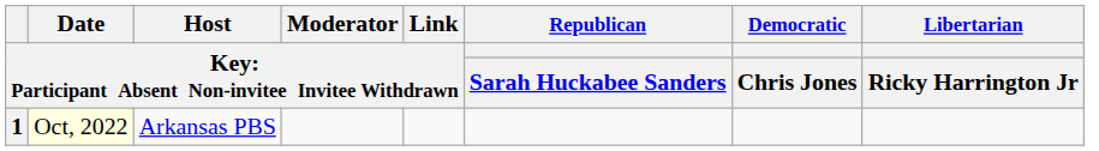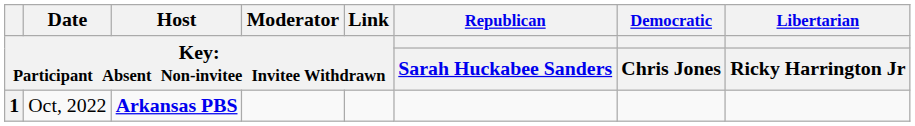 <table class="wikitable" style="text-align:center;">
 <tr>
 <th scope="col"></th>
 <th scope="col">Date</th>
 <th scope="col">Host</th>
 <th scope="col">Moderator</th>
 <th scope="col">Link</th>
 <th scope="col"><small><a href='#'>Republican</a></small></th>
 <th scope="col"><small><a href='#'>Democratic</a></small></th>
 <th scope="col"><small><a href='#'>Libertarian</a></small></th>
 </tr>
 <tr>
 <th colspan="5" rowspan="2">Key:<br> <small>Participant </small>  <small>Absent </small>  <small>Non-invitee </small>  <small>Invitee  Withdrawn</small></th>
 <th scope="col" style="background:"></th>
 <th scope="col" style="background:"></th>
 <th scope="col" style="background:"></th>
 </tr>
 <tr>
 <th scope="col"><a href='#'>Sarah Huckabee Sanders</a></th>
 <th scope="col">Chris Jones</th>
 <th scope="col">Ricky Harrington Jr</th>
 </tr>
 <tr>
 <th>1</th>
-<td style="background: lightyellow; white-space:nowrap;">Oct, 2022</td>
-<td style="white-space:nowrap;"><a href='#'>Arkansas PBS</a></td>
+<td style="white-space:nowrap;">Oct, 2022</td>
+<td style="white-space:nowrap;"><strong><a href='#'>Arkansas PBS</a></strong></td>
 <td style="white-space:nowrap;"></td>
 <td style="white-space:nowrap;"></td>
 <td></td>
 <td></td>
 <td></td>
 </tr>
 </table>
